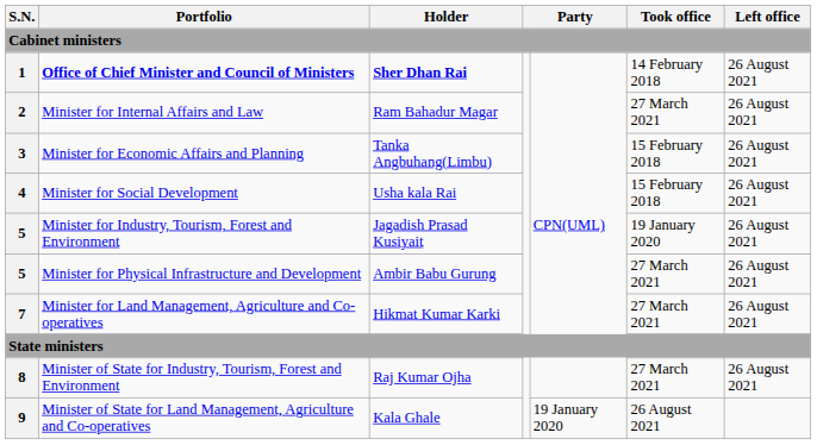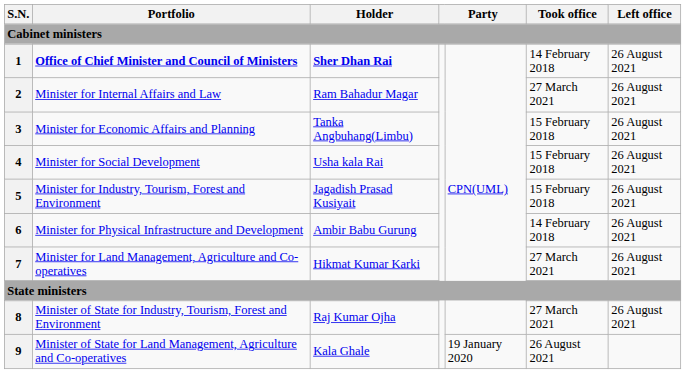 <table class="wikitable">
 <tr>
 <th>S.N.</th>
 <th>Portfolio</th>
 <th>Holder</th>
 <th colspan="2">Party</th>
 <th>Took office</th>
 <th>Left office</th>
 </tr>
 <tr>
 <td colspan="7" bgcolor="darkgrey"><strong>Cabinet ministers</strong></td>
 </tr>
 <tr>
 <th>1</th>
 <td><strong><a href='#'>Office of Chief Minister and Council of Ministers</a></strong></td>
 <td><strong><a href='#'>Sher Dhan Rai</a></strong></td>
 <td rowspan="11"></td>
 <td rowspan="9"><a href='#'>CPN(UML)</a></td>
 <td>14 February 2018</td>
 <td>26 August 2021</td>
 </tr>
 <tr>
 <th>2</th>
 <td><a href='#'>Minister for Internal Affairs and Law</a></td>
 <td><a href='#'>Ram Bahadur Magar</a></td>
 <td>27 March 2021</td>
 <td>26 August 2021</td>
 </tr>
 <tr>
 <th>3</th>
 <td><a href='#'>Minister for Economic Affairs and Planning</a></td>
 <td><a href='#'>Tanka Angbuhang(Limbu)</a></td>
 <td>15 February 2018</td>
 <td>26 August 2021</td>
 </tr>
 <tr>
 <th>4</th>
 <td><a href='#'>Minister for Social Development</a></td>
 <td><a href='#'>Usha kala Rai</a></td>
 <td>15 February 2018</td>
 <td>26 August 2021</td>
 </tr>
 <tr>
 <th>5</th>
 <td><a href='#'>Minister for Industry, Tourism, Forest and Environment</a></td>
 <td><a href='#'>Jagadish Prasad Kusiyait</a></td>
-<td>19 January 2020</td>
+<td>15 February 2018</td>
 <td>26 August 2021</td>
 </tr>
 <tr>
-<th>5</th>
+<th>6</th>
 <td><a href='#'>Minister for Physical Infrastructure and Development</a></td>
 <td><a href='#'>Ambir Babu Gurung</a></td>
-<td>27 March 2021</td>
+<td>14 February 2018</td>
 <td>26 August 2021</td>
 </tr>
 <tr>
 <th>7</th>
 <td><a href='#'>Minister for Land Management, Agriculture and Co-operatives</a></td>
 <td><a href='#'>Hikmat Kumar Karki</a></td>
 <td>27 March 2021</td>
 <td>26 August 2021</td>
 </tr>
 <tr>
 <td colspan="7" bgcolor="darkgrey"><strong>State ministers</strong></td>
 </tr>
 <tr>
 <th>8</th>
 <td><a href='#'>Minister of State for Industry, Tourism, Forest and Environment</a></td>
 <td><a href='#'>Raj Kumar Ojha</a></td>
 <td>27 March 2021</td>
 <td>26 August 2021</td>
 </tr>
 <tr>
 <th>9</th>
 <td><a href='#'>Minister of State for Land Management, Agriculture and Co-operatives</a></td>
 <td><a href='#'>Kala Ghale</a></td>
 <td>19 January 2020</td>
 <td>26 August 2021</td>
 </tr>
 </table>
